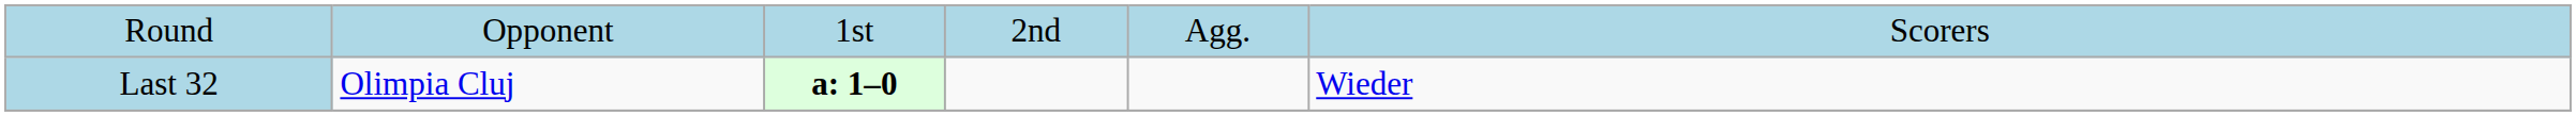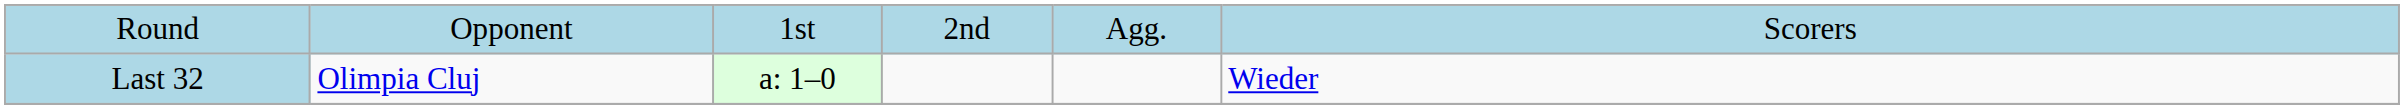 <table class="wikitable" style="text-align:center">
 <tr bgcolor=lightblue>
 <td width=150px>Round</td>
 <td width=200px>Opponent</td>
 <td width=80px>1st</td>
 <td width=80px>2nd</td>
 <td width=80px>Agg.</td>
 <td width=600px>Scorers</td>
 </tr>
 <tr>
 <td bgcolor=lightblue>Last 32</td>
 <td align=left> <a href='#'>Olimpia Cluj</a></td>
-<td bgcolor="#ddffdd"><strong>a: 1–0</strong></td>
+<td bgcolor="#ddffdd">a: 1–0</td>
 <td></td>
 <td></td>
 <td align=left><a href='#'>Wieder</a></td>
 </tr>
 <tr>
 </tr>
 </table>
